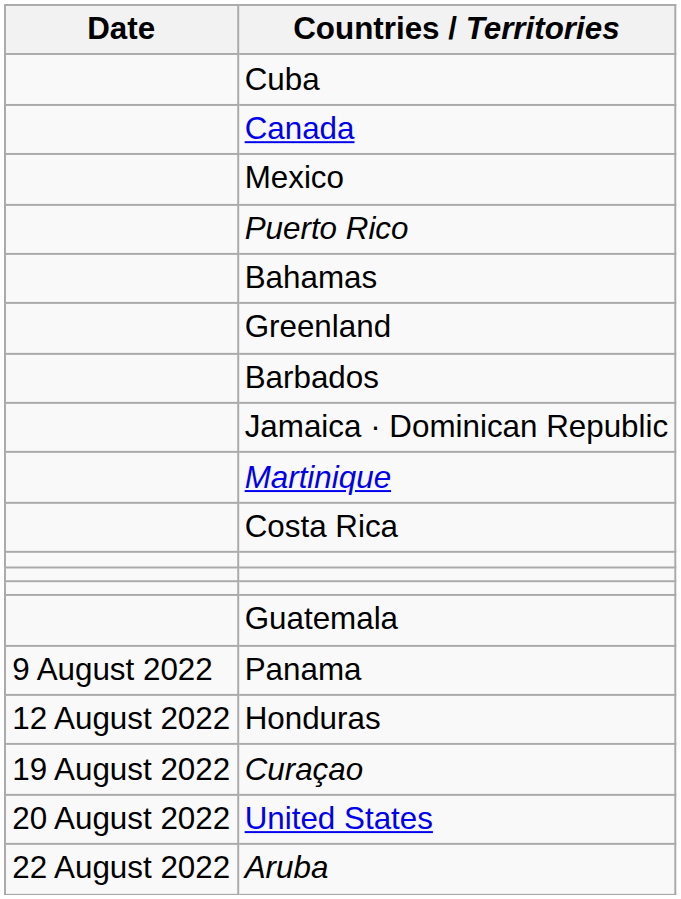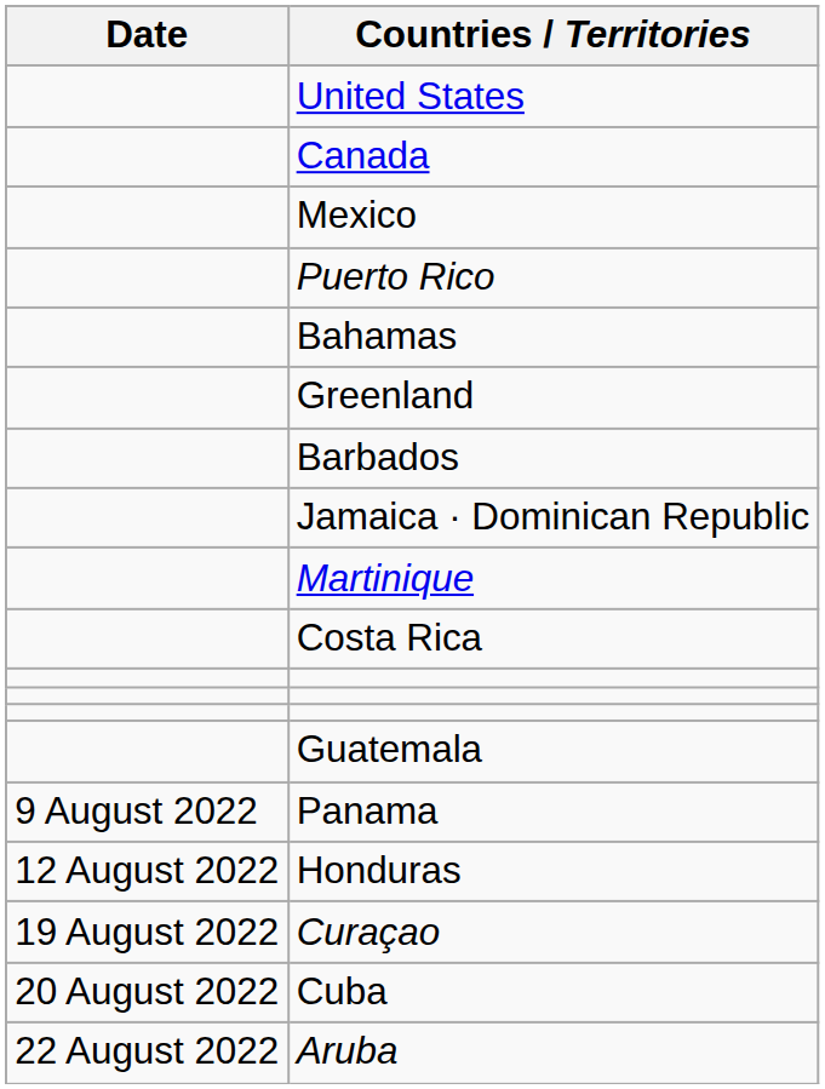 <table class="wikitable mw-datatable">
 <tr>
 <th scope="col">Date</th>
 <th scope="col">Countries / <em>Territories</em></th>
 </tr>
 <tr>
 <td></td>
-<td>Cuba</td>
+<td> <a href='#'>United States</a></td>
 </tr>
 <tr>
 <td></td>
 <td> <a href='#'>Canada</a></td>
 </tr>
 <tr>
 <td></td>
 <td>Mexico</td>
 </tr>
 <tr>
 <td></td>
 <td><em>Puerto Rico</em></td>
 </tr>
 <tr>
 <td></td>
 <td>Bahamas</td>
 </tr>
 <tr>
 <td></td>
 <td>Greenland</td>
 </tr>
 <tr>
 <td></td>
 <td>Barbados</td>
 </tr>
 <tr>
 <td></td>
 <td>Jamaica · Dominican Republic</td>
 </tr>
 <tr>
 <td></td>
 <td><em><a href='#'>Martinique</a></em></td>
 </tr>
 <tr>
 <td></td>
 <td>Costa Rica</td>
 </tr>
 <tr>
 <td></td>
 <td><em></em></td>
 </tr>
 <tr>
 <td></td>
 <td><em></em></td>
 </tr>
 <tr>
 <td></td>
 <td><em></em></td>
 </tr>
 <tr>
 <td></td>
 <td>Guatemala</td>
 </tr>
 <tr>
 <td>9 August 2022</td>
 <td>Panama</td>
 </tr>
 <tr>
 <td>12 August 2022</td>
 <td>Honduras</td>
 </tr>
 <tr>
 <td>19 August 2022</td>
 <td><em>Curaçao</em></td>
 </tr>
 <tr>
 <td>20 August 2022</td>
-<td> <a href='#'>United States</a></td>
+<td>Cuba</td>
 </tr>
 <tr>
 <td>22 August 2022</td>
 <td><em>Aruba</em></td>
 </tr>
 </table>
